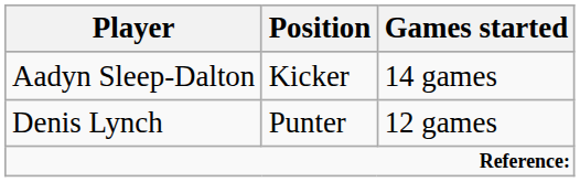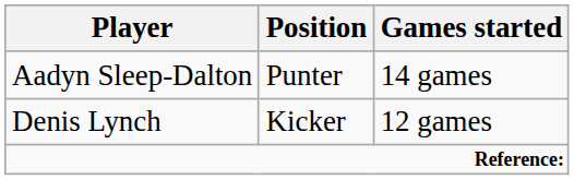 <table class="wikitable">
 <tr>
 <th style="text-align:center; ">Player</th>
 <th style="text-align:center; ">Position</th>
 <th style="text-align:center; ">Games started</th>
 </tr>
 <tr>
 <td>Aadyn Sleep-Dalton</td>
-<td>Kicker</td>
+<td>Punter</td>
 <td>14 games</td>
 </tr>
 <tr>
 <td>Denis Lynch</td>
-<td>Punter</td>
+<td>Kicker</td>
 <td>12 games</td>
 </tr>
 <tr>
 <td colspan="4"  style="font-size:8pt; text-align:right;"><strong>Reference:</strong></td>
 </tr>
 </table>
